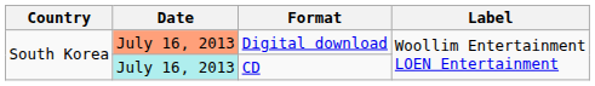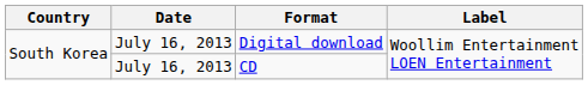 <table class="wikitable plainrowheaders">
 <tr>
 <th scope="col">Country</th>
 <th>Date</th>
 <th>Format</th>
 <th>Label</th>
 </tr>
 <tr>
 <td scope="row" rowspan="2">South Korea</td>
-<td scope="row" rowspan="1" style="background: lightsalmon;">July 16, 2013</td>
+<td scope="row" rowspan="1">July 16, 2013</td>
 <td><a href='#'>Digital download</a></td>
 <td scope="row" rowspan="2">Woollim Entertainment<br><a href='#'>LOEN Entertainment</a></td>
 </tr>
 <tr>
-<td scope="row" rowspan="1" style="background: paleturquoise;">July 16, 2013</td>
+<td scope="row" rowspan="1">July 16, 2013</td>
 <td><a href='#'>CD</a></td>
 </tr>
 </table>
